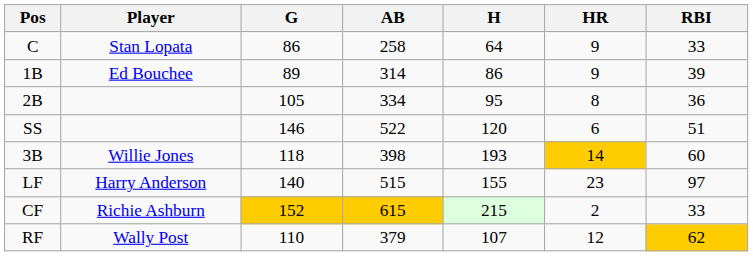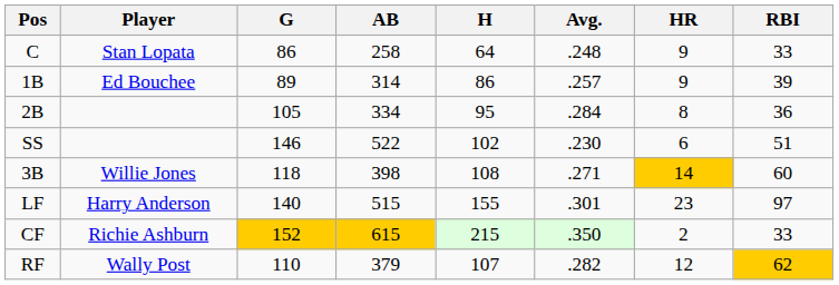 <table class="wikitable sortable">
 <tr>
 <th bgcolor="#DDDDFF" width="5%">Pos</th>
 <th bgcolor="#DDDDFF" width="16%">Player</th>
 <th bgcolor="#DDDDFF" width="9%">G</th>
 <th bgcolor="#DDDDFF" width="9%">AB</th>
 <th bgcolor="#DDDDFF" width="9%">H</th>
+<th bgcolor="#DDDDFF" width="9%">Avg.</th>
 <th bgcolor="#DDDDFF" width="9%">HR</th>
 <th bgcolor="#DDDDFF" width="9%">RBI</th>
 </tr>
 <tr align="center">
 <td>C</td>
 <td><a href='#'>Stan Lopata</a></td>
 <td>86</td>
 <td>258</td>
 <td>64</td>
+<td>.248</td>
 <td>9</td>
 <td>33</td>
 </tr>
 <tr align=center>
 <td>1B</td>
 <td><a href='#'>Ed Bouchee</a></td>
 <td>89</td>
 <td>314</td>
 <td>86</td>
+<td>.257</td>
 <td>9</td>
 <td>39</td>
 </tr>
 <tr align=center>
 <td>2B</td>
 <td></td>
 <td>105</td>
 <td>334</td>
 <td>95</td>
+<td>.284</td>
 <td>8</td>
 <td>36</td>
 </tr>
 <tr align="center">
 <td>SS</td>
 <td></td>
 <td>146</td>
 <td>522</td>
-<td>120</td>
+<td>102</td>
+<td>.230</td>
 <td>6</td>
 <td>51</td>
 </tr>
 <tr align="center">
 <td>3B</td>
 <td><a href='#'>Willie Jones</a></td>
 <td>118</td>
 <td>398</td>
-<td>193</td>
+<td>108</td>
+<td>.271</td>
 <td style="background:#fc0;">14</td>
 <td>60</td>
 </tr>
 <tr align=center>
 <td>LF</td>
 <td><a href='#'>Harry Anderson</a></td>
 <td>140</td>
 <td>515</td>
 <td>155</td>
+<td>.301</td>
 <td>23</td>
 <td>97</td>
 </tr>
 <tr align=center>
 <td>CF</td>
 <td><a href='#'>Richie Ashburn</a></td>
 <td style="background:#fc0;">152</td>
 <td style="background:#fc0;">615</td>
 <td style="background:#DDFFDD;">215</td>
+<td style="background:#DDFFDD;">.350</td>
 <td>2</td>
 <td>33</td>
 </tr>
 <tr align=center>
 <td>RF</td>
 <td><a href='#'>Wally Post</a></td>
 <td>110</td>
 <td>379</td>
 <td>107</td>
+<td>.282</td>
 <td>12</td>
 <td style="background:#fc0;">62</td>
 </tr>
 </table>
